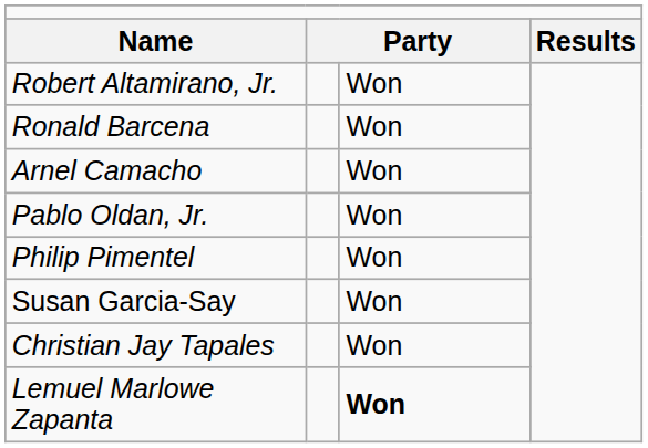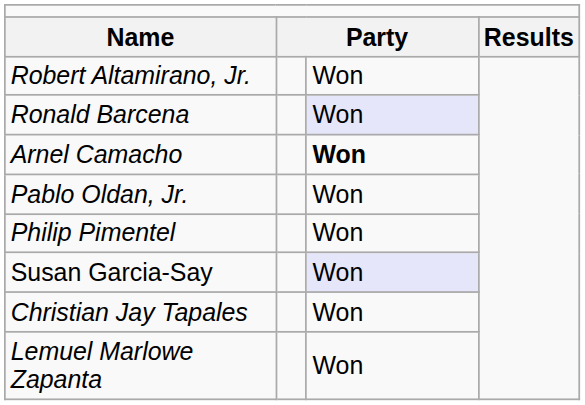 <table class=wikitable style="font-size:90%">
 <tr>
 <td colspan=4 bgcolor=></td>
 </tr>
 <tr>
 <th width=150px>Name</th>
 <th colspan=2 width=110px>Party</th>
 <th><strong>Results</strong></th>
 </tr>
 <tr>
 <td><em>Robert Altamirano, Jr.</em></td>
 <td></td>
 <td>Won</td>
 </tr>
 <tr>
 <td><em>Ronald Barcena</em></td>
 <td></td>
-<td>Won</td>
+<td style="background: lavender;">Won</td>
 </tr>
 <tr>
 <td><em>Arnel Camacho</em></td>
 <td></td>
-<td>Won</td>
+<td><strong>Won</strong></td>
 </tr>
 <tr>
 <td><em>Pablo Oldan, Jr.</em></td>
 <td></td>
 <td>Won</td>
 </tr>
 <tr>
 <td><em>Philip Pimentel</em></td>
 <td></td>
 <td>Won</td>
 </tr>
 <tr>
 <td>Susan Garcia-Say</td>
 <td></td>
-<td>Won</td>
+<td style="background: lavender;">Won</td>
 </tr>
 <tr>
 <td><em>Christian Jay Tapales</em></td>
 <td></td>
 <td>Won</td>
 </tr>
 <tr>
 <td><em>Lemuel Marlowe Zapanta</em></td>
 <td></td>
-<td><strong>Won</strong></td>
+<td>Won</td>
 </tr>
 </table>
